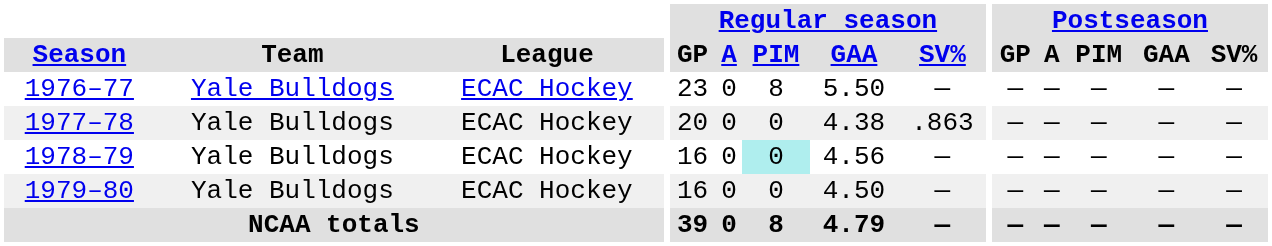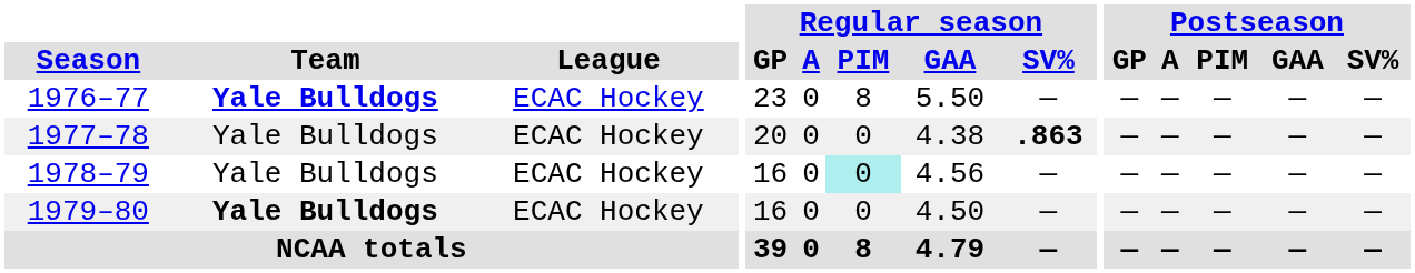 <table border="0" cellpadding="1" cellspacing="0" style="text-align:center; width:50%">
 <tr bgcolor="#e0e0e0">
 <th colspan="3" bgcolor="#ffffff"></th>
 <th rowspan="99" bgcolor="#ffffff"></th>
 <th colspan="5"><a href='#'>Regular season</a></th>
 <th rowspan="99" bgcolor="#ffffff"></th>
 <th colspan="5"><a href='#'>Postseason</a></th>
 </tr>
 <tr bgcolor="#e0e0e0">
 <th><a href='#'>Season</a></th>
 <th>Team</th>
 <th>League</th>
 <th>GP</th>
 <th><a href='#'>A</a></th>
 <th><a href='#'>PIM</a></th>
 <th><a href='#'>GAA</a></th>
 <th><a href='#'>SV%</a></th>
 <th>GP</th>
 <th>A</th>
 <th>PIM</th>
 <th>GAA</th>
 <th>SV%</th>
 </tr>
 <tr ALIGN="center">
 <td><a href='#'>1976–77</a></td>
-<td><a href='#'>Yale Bulldogs</a></td>
+<td><strong><a href='#'>Yale Bulldogs</a></strong></td>
 <td><a href='#'>ECAC Hockey</a></td>
 <td>23</td>
 <td>0</td>
 <td>8</td>
 <td>5.50</td>
 <td>—</td>
 <td>—</td>
 <td>—</td>
 <td>—</td>
 <td>—</td>
 <td>—</td>
 </tr>
 <tr ALIGN="center" bgcolor="#f0f0f0">
 <td><a href='#'>1977–78</a></td>
 <td>Yale Bulldogs</td>
 <td>ECAC Hockey</td>
 <td>20</td>
 <td>0</td>
 <td>0</td>
 <td>4.38</td>
-<td>.863</td>
+<td><strong>.863</strong></td>
 <td>—</td>
 <td>—</td>
 <td>—</td>
 <td>—</td>
 <td>—</td>
 </tr>
 <tr ALIGN="center">
 <td><a href='#'>1978–79</a></td>
 <td>Yale Bulldogs</td>
 <td>ECAC Hockey</td>
 <td>16</td>
 <td>0</td>
 <td style="background: paleturquoise;">0</td>
 <td>4.56</td>
 <td>—</td>
 <td>—</td>
 <td>—</td>
 <td>—</td>
 <td>—</td>
 <td>—</td>
 </tr>
 <tr ALIGN="center" bgcolor="#f0f0f0">
 <td><a href='#'>1979–80</a></td>
-<td>Yale Bulldogs</td>
+<td><strong>Yale Bulldogs</strong></td>
 <td>ECAC Hockey</td>
 <td>16</td>
 <td>0</td>
 <td>0</td>
 <td>4.50</td>
 <td>—</td>
 <td>—</td>
 <td>—</td>
 <td>—</td>
 <td>—</td>
 <td>—</td>
 </tr>
 <tr bgcolor="#e0e0e0">
 <th colspan="3">NCAA totals</th>
 <th>39</th>
 <th>0</th>
 <th>8</th>
 <th>4.79</th>
 <th>—</th>
 <th>—</th>
 <th>—</th>
 <th>—</th>
 <th>—</th>
 <th>—</th>
 </tr>
 </table>
